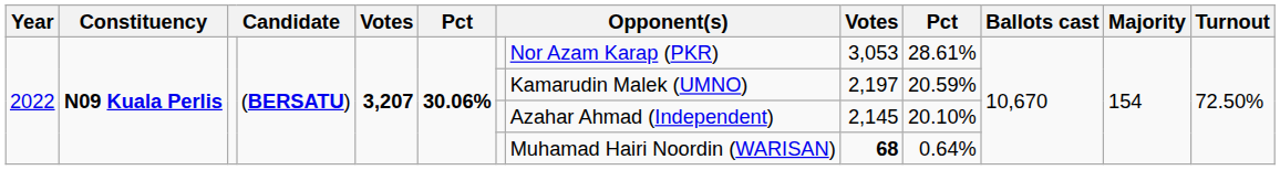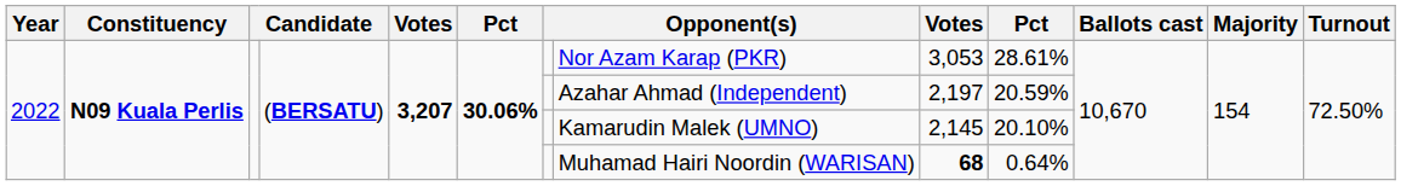 <table class="wikitable" style="margin:0.5em ; font-size:95%">
 <tr>
 <th>Year</th>
 <th>Constituency</th>
 <th colspan="2">Candidate</th>
 <th>Votes</th>
 <th>Pct</th>
 <th colspan="2">Opponent(s)</th>
 <th>Votes</th>
 <th>Pct</th>
 <th>Ballots cast</th>
 <th>Majority</th>
 <th>Turnout</th>
 </tr>
 <tr>
 <td rowspan=4><a href='#'>2022</a></td>
 <td rowspan=4><strong>N09 <a href='#'>Kuala Perlis</a></strong></td>
 <td rowspan=4 bgcolor=></td>
 <td rowspan=4> (<a href='#'><strong>BERSATU</strong></a>)</td>
 <td rowspan=4 align="right"><strong>3,207</strong></td>
 <td rowspan=4><strong>30.06%</strong></td>
 <td></td>
 <td><a href='#'>Nor Azam Karap</a> (<a href='#'>PKR</a>)</td>
 <td align="right">3,053</td>
 <td>28.61%</td>
 <td rowspan=4>10,670</td>
 <td rowspan=4>154</td>
 <td rowspan=4>72.50%</td>
 </tr>
 <tr>
 <td></td>
-<td>Kamarudin Malek (<a href='#'>UMNO</a>)</td>
+<td>Azahar Ahmad (<a href='#'>Independent</a>)</td>
 <td align="right">2,197</td>
 <td>20.59%</td>
 </tr>
 <tr>
 <td></td>
-<td>Azahar Ahmad (<a href='#'>Independent</a>)</td>
+<td>Kamarudin Malek (<a href='#'>UMNO</a>)</td>
 <td align="right">2,145</td>
 <td align="right">20.10%</td>
 </tr>
 <tr>
 <td></td>
 <td>Muhamad Hairi Noordin (<a href='#'>WARISAN</a>)</td>
 <td align="right"><strong>68</strong></td>
 <td align="right">0.64%</td>
 </tr>
 </table>
